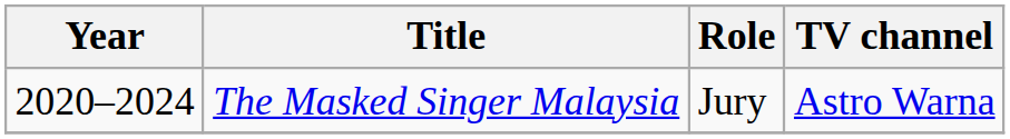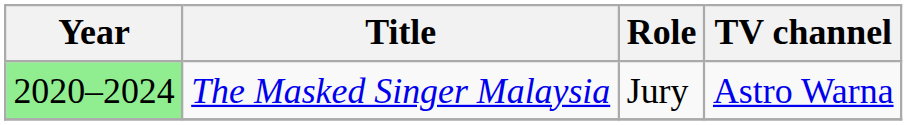 <table class="wikitable">
 <tr>
 <th>Year</th>
 <th>Title</th>
 <th>Role</th>
 <th>TV channel</th>
 </tr>
 <tr>
-<td>2020–2024</td>
+<td style="background: lightgreen;">2020–2024</td>
 <td><em><a href='#'>The Masked Singer Malaysia</a></em></td>
 <td>Jury</td>
 <td><a href='#'>Astro Warna</a></td>
 </tr>
 <tr>
 </tr>
 </table>
